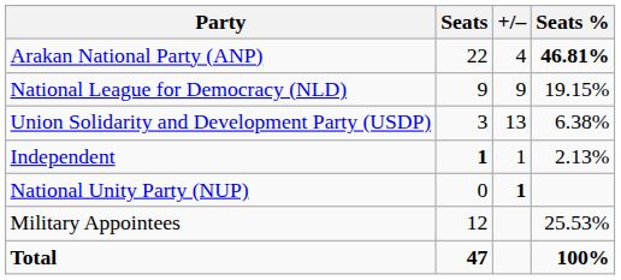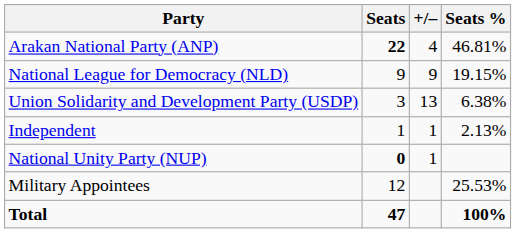 <table class=wikitable style=text-align:right>
 <tr>
 <th>Party</th>
 <th>Seats</th>
 <th>+/–</th>
 <th>Seats %</th>
 </tr>
 <tr>
 <td align=left><a href='#'>Arakan National Party (ANP)</a></td>
-<td>22</td>
+<td><strong>22</strong></td>
 <td>4</td>
-<td><strong>46.81%</strong></td>
+<td>46.81%</td>
 </tr>
 <tr>
 <td align=left><a href='#'>National League for Democracy (NLD)</a></td>
 <td>9</td>
 <td>9</td>
 <td>19.15%</td>
 </tr>
 <tr>
 <td align=left><a href='#'>Union Solidarity and Development Party (USDP)</a></td>
 <td>3</td>
 <td>13</td>
 <td>6.38%</td>
 </tr>
 <tr>
 <td align=left><a href='#'>Independent</a></td>
-<td><strong>1</strong></td>
+<td>1</td>
 <td>1</td>
 <td>2.13%</td>
 </tr>
 <tr>
 <td align=left><a href='#'>National Unity Party (NUP)</a></td>
-<td>0</td>
-<td><strong>1</strong></td>
+<td><strong>0</strong></td>
+<td>1</td>
 </tr>
 <tr>
 <td align=left>Military Appointees</td>
 <td>12</td>
 <td></td>
 <td>25.53%</td>
 </tr>
 <tr>
 <td align=left><strong>Total</strong></td>
 <td><strong>47</strong></td>
 <td></td>
 <td><strong>100%</strong></td>
 </tr>
 </table>
